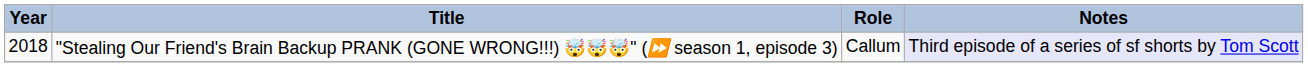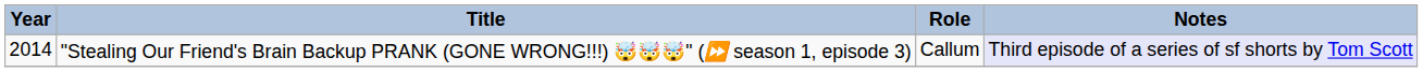 <table class = "wikitable sortable">
 <tr>
 <th style="background:#B0C4DE;">Year</th>
 <th style="background:#B0C4DE;">Title</th>
 <th style="background:#B0C4DE;">Role</th>
 <th style="background:#B0C4DE;">Notes</th>
 </tr>
 <tr>
-<td>2018</td>
+<td>2014</td>
 <td>"Stealing Our Friend's Brain Backup PRANK (GONE WRONG!!!) 🤯🤯🤯" (<em>⏩</em> season 1, episode 3)</td>
 <td>Callum</td>
 <td style="background: lavender;">Third episode of a series of sf shorts by <a href='#'>Tom Scott</a></td>
 </tr>
 <tr>
 </tr>
 </table>
